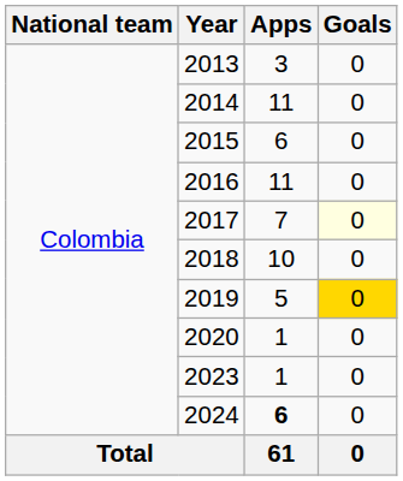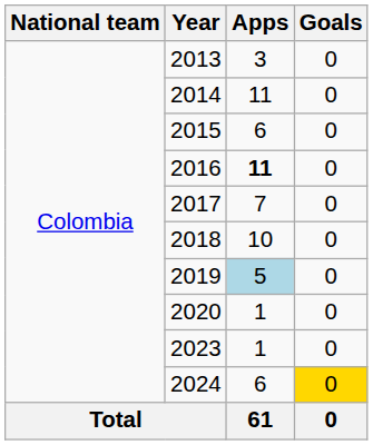 <table class="wikitable" style="text-align: center">
 <tr>
 <th>National team</th>
 <th>Year</th>
 <th>Apps</th>
 <th>Goals</th>
 </tr>
 <tr>
 <td rowspan="10"><a href='#'>Colombia</a></td>
 <td>2013</td>
 <td>3</td>
 <td>0</td>
 </tr>
 <tr>
 <td>2014</td>
 <td>11</td>
 <td>0</td>
 </tr>
 <tr>
 <td>2015</td>
 <td>6</td>
 <td>0</td>
 </tr>
 <tr>
 <td>2016</td>
-<td>11</td>
+<td><strong>11</strong></td>
 <td>0</td>
 </tr>
 <tr>
 <td>2017</td>
 <td>7</td>
-<td style="background: lightyellow;">0</td>
+<td>0</td>
 </tr>
 <tr>
 <td>2018</td>
 <td>10</td>
 <td>0</td>
 </tr>
 <tr>
 <td>2019</td>
-<td>5</td>
-<td style="background: gold;">0</td>
+<td style="background: lightblue;">5</td>
+<td>0</td>
 </tr>
 <tr>
 <td>2020</td>
 <td>1</td>
 <td>0</td>
 </tr>
 <tr>
 <td>2023</td>
 <td>1</td>
 <td>0</td>
 </tr>
 <tr>
 <td>2024</td>
-<td><strong>6</strong></td>
-<td>0</td>
+<td>6</td>
+<td style="background: gold;">0</td>
 </tr>
 <tr>
 <th colspan=2>Total</th>
 <th>61</th>
 <th>0</th>
 </tr>
 </table>
